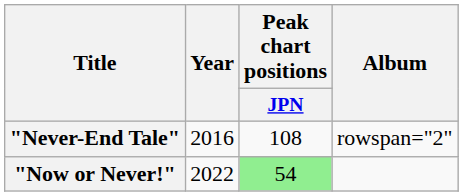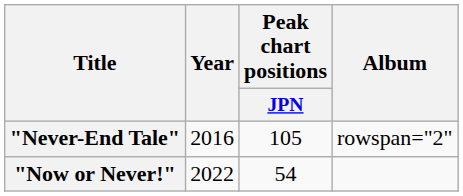 <table class="wikitable plainrowheaders" style="text-align:center;">
 <tr>
 <th scope="col" rowspan="2">Title</th>
 <th scope="col" rowspan="2">Year</th>
 <th scope="col" colspan="1">Peak chart<br>positions</th>
 <th scope="col" rowspan="2">Album</th>
 </tr>
 <tr>
 <th scope="col" style="width:3em;font-size:90%;"><a href='#'>JPN</a><br></th>
 </tr>
 <tr>
 <th scope="row">"Never-End Tale"<br></th>
 <td>2016</td>
-<td>108</td>
+<td>105</td>
 <td>rowspan="2" </td>
 </tr>
 <tr>
 <th scope="row">"Now or Never!"<br></th>
 <td>2022</td>
-<td style="background: lightgreen;">54</td>
+<td>54</td>
 </tr>
 </table>
